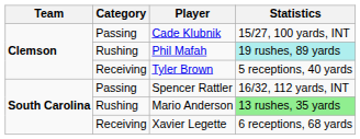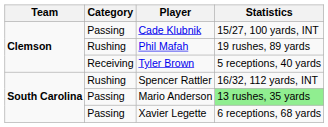 <table class="wikitable" style="float: right;">
 <tr>
 <th>Team</th>
 <th>Category</th>
 <th>Player</th>
 <th>Statistics</th>
 </tr>
 <tr>
 <td rowspan=3><strong>Clemson</strong></td>
 <td>Passing</td>
 <td><a href='#'>Cade Klubnik</a></td>
 <td>15/27, 100 yards, INT</td>
 </tr>
 <tr>
 <td>Rushing</td>
 <td><a href='#'>Phil Mafah</a></td>
-<td style="background: paleturquoise;">19 rushes, 89 yards</td>
+<td>19 rushes, 89 yards</td>
 </tr>
 <tr>
 <td>Receiving</td>
 <td><a href='#'>Tyler Brown</a></td>
 <td>5 receptions, 40 yards</td>
 </tr>
 <tr>
 <td rowspan=3><strong>South Carolina</strong></td>
-<td>Passing</td>
+<td>Rushing</td>
 <td>Spencer Rattler</td>
 <td>16/32, 112 yards, INT</td>
 </tr>
 <tr>
-<td>Rushing</td>
+<td>Passing</td>
 <td>Mario Anderson</td>
 <td style="background: lightgreen;">13 rushes, 35 yards</td>
 </tr>
 <tr>
-<td>Receiving</td>
+<td>Passing</td>
 <td>Xavier Legette</td>
 <td>6 receptions, 68 yards</td>
 </tr>
 </table>
